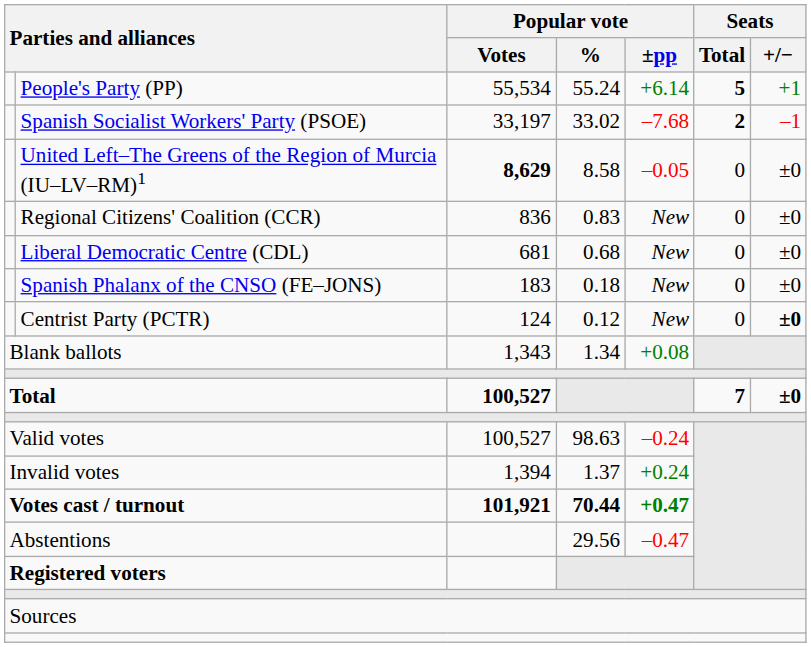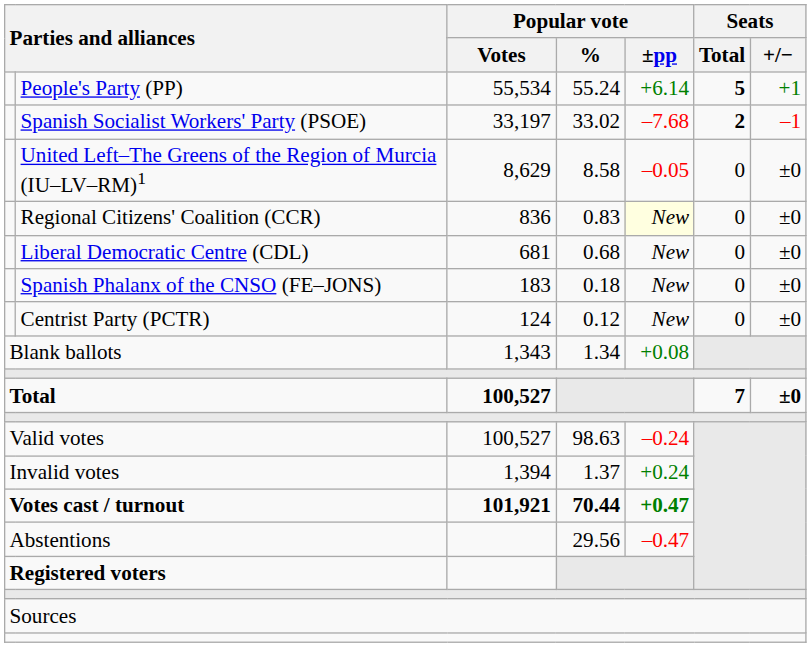 <table class="wikitable" style="text-align:right;">
 <tr>
 <th style="text-align:left;" rowspan="2" colspan="2" width="525">Parties and alliances</th>
 <th colspan="3">Popular vote</th>
 <th colspan="2">Seats</th>
 </tr>
 <tr>
 <th width="75">Votes</th>
 <th width="45">%</th>
 <th width="45">±<a href='#'>pp</a></th>
 <th width="35">Total</th>
 <th width="35">+/−</th>
 </tr>
 <tr>
 <td width="1" style="color:inherit;background:"></td>
 <td align="left"><a href='#'>People's Party</a> (PP)</td>
 <td>55,534</td>
 <td>55.24</td>
 <td style="color:green;">+6.14</td>
 <td><strong>5</strong></td>
 <td style="color:green;">+1</td>
 </tr>
 <tr>
 <td style="color:inherit;background:"></td>
 <td align="left"><a href='#'>Spanish Socialist Workers' Party</a> (PSOE)</td>
 <td>33,197</td>
 <td>33.02</td>
 <td style="color:red;">–7.68</td>
 <td><strong>2</strong></td>
 <td style="color:red;">–1</td>
 </tr>
 <tr>
 <td style="color:inherit;background:"></td>
 <td align="left"><a href='#'>United Left–The Greens of the Region of Murcia</a> (IU–LV–RM)<sup>1</sup></td>
-<td><strong>8,629</strong></td>
+<td>8,629</td>
 <td>8.58</td>
 <td style="color:red;">–0.05</td>
 <td>0</td>
 <td>±0</td>
 </tr>
 <tr>
 <td style="color:inherit;background:"></td>
 <td align="left">Regional Citizens' Coalition (CCR)</td>
 <td>836</td>
 <td>0.83</td>
-<td><em>New</em></td>
+<td style="background: lightyellow;"><em>New</em></td>
 <td>0</td>
 <td>±0</td>
 </tr>
 <tr>
 <td style="color:inherit;background:"></td>
 <td align="left"><a href='#'>Liberal Democratic Centre</a> (CDL)</td>
 <td>681</td>
 <td>0.68</td>
 <td><em>New</em></td>
 <td>0</td>
 <td>±0</td>
 </tr>
 <tr>
 <td style="color:inherit;background:"></td>
 <td align="left"><a href='#'>Spanish Phalanx of the CNSO</a> (FE–JONS)</td>
 <td>183</td>
 <td>0.18</td>
 <td><em>New</em></td>
 <td>0</td>
 <td>±0</td>
 </tr>
 <tr>
 <td style="color:inherit;background:"></td>
 <td align="left">Centrist Party (PCTR)</td>
 <td>124</td>
 <td>0.12</td>
 <td><em>New</em></td>
 <td>0</td>
-<td><strong>±0</strong></td>
+<td>±0</td>
 </tr>
 <tr>
 <td align="left" colspan="2">Blank ballots</td>
 <td>1,343</td>
 <td>1.34</td>
 <td style="color:green;">+0.08</td>
 <td bgcolor="#E9E9E9" colspan="2"></td>
 </tr>
 <tr>
 <td colspan="7" bgcolor="#E9E9E9"></td>
 </tr>
 <tr style="font-weight:bold;">
 <td align="left" colspan="2">Total</td>
 <td>100,527</td>
 <td bgcolor="#E9E9E9" colspan="2"></td>
 <td>7</td>
 <td>±0</td>
 </tr>
 <tr>
 <td colspan="7" bgcolor="#E9E9E9"></td>
 </tr>
 <tr>
 <td align="left" colspan="2">Valid votes</td>
 <td>100,527</td>
 <td>98.63</td>
 <td style="color:red;">–0.24</td>
 <td bgcolor="#E9E9E9" colspan="2" rowspan="5"></td>
 </tr>
 <tr>
 <td align="left" colspan="2">Invalid votes</td>
 <td>1,394</td>
 <td>1.37</td>
 <td style="color:green;">+0.24</td>
 </tr>
 <tr style="font-weight:bold;">
 <td align="left" colspan="2">Votes cast / turnout</td>
 <td>101,921</td>
 <td>70.44</td>
 <td style="color:green;">+0.47</td>
 </tr>
 <tr>
 <td align="left" colspan="2">Abstentions</td>
 <td></td>
 <td>29.56</td>
 <td style="color:red;">–0.47</td>
 </tr>
 <tr style="font-weight:bold;">
 <td align="left" colspan="2">Registered voters</td>
 <td></td>
 <td bgcolor="#E9E9E9" colspan="2"></td>
 </tr>
 <tr>
 <td colspan="7" bgcolor="#E9E9E9"></td>
 </tr>
 <tr>
 <td align="left" colspan="7">Sources</td>
 </tr>
 <tr>
 <td colspan="7" style="text-align:left; max-width:790px;"></td>
 </tr>
 </table>
